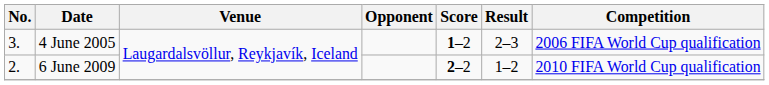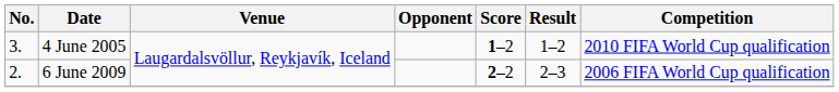 <table class="wikitable">
 <tr>
 <th>No.</th>
 <th>Date</th>
 <th>Venue</th>
 <th>Opponent</th>
 <th>Score</th>
 <th>Result</th>
 <th>Competition</th>
 </tr>
 <tr>
 <td>3.</td>
 <td>4 June 2005</td>
 <td rowspan=2><a href='#'>Laugardalsvöllur</a>, <a href='#'>Reykjavík</a>, <a href='#'>Iceland</a></td>
 <td></td>
 <td align=center><strong>1</strong>–2</td>
-<td align=center>2–3</td>
-<td><a href='#'>2006 FIFA World Cup qualification</a></td>
+<td align=center>1–2</td>
+<td><a href='#'>2010 FIFA World Cup qualification</a></td>
 </tr>
 <tr>
 <td>2.</td>
 <td>6 June 2009</td>
 <td></td>
 <td align=center><strong>2</strong>–2</td>
-<td align=center>1–2</td>
-<td><a href='#'>2010 FIFA World Cup qualification</a></td>
+<td align=center>2–3</td>
+<td><a href='#'>2006 FIFA World Cup qualification</a></td>
 </tr>
 <tr>
 </tr>
 </table>
